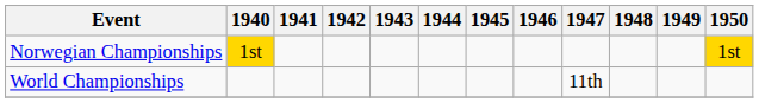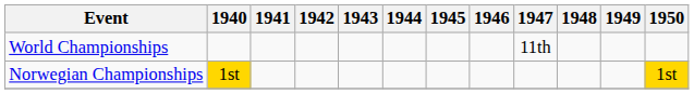 <table class="wikitable">
 <tr>
 <th>Event</th>
 <th>1940</th>
 <th>1941</th>
 <th>1942</th>
 <th>1943</th>
 <th>1944</th>
 <th>1945</th>
 <th>1946</th>
 <th>1947</th>
 <th>1948</th>
 <th>1949</th>
 <th>1950</th>
 </tr>
 <tr>
+<td><a href='#'>World Championships</a></td>
+<td></td>
+<td></td>
+<td></td>
+<td></td>
+<td></td>
+<td></td>
+<td></td>
+<td align="center">11th</td>
+<td></td>
+<td></td>
+<td></td>
+</tr>
+<tr>
 <td><a href='#'>Norwegian Championships</a></td>
 <td align="center" bgcolor="gold">1st</td>
 <td></td>
 <td></td>
 <td></td>
 <td></td>
 <td></td>
 <td></td>
 <td></td>
 <td></td>
 <td></td>
 <td align="center" bgcolor="gold">1st</td>
 </tr>
 <tr>
-<td><a href='#'>World Championships</a></td>
-<td></td>
-<td></td>
-<td></td>
-<td></td>
-<td></td>
-<td></td>
-<td></td>
-<td align="center">11th</td>
-<td></td>
-<td></td>
-<td></td>
-</tr>
-<tr>
 </tr>
 </table>
